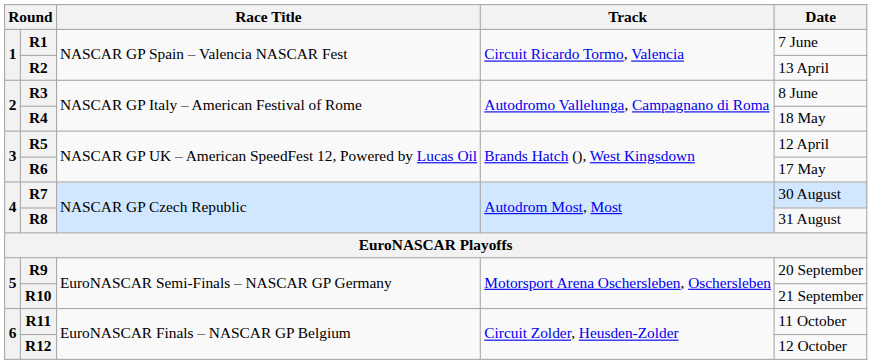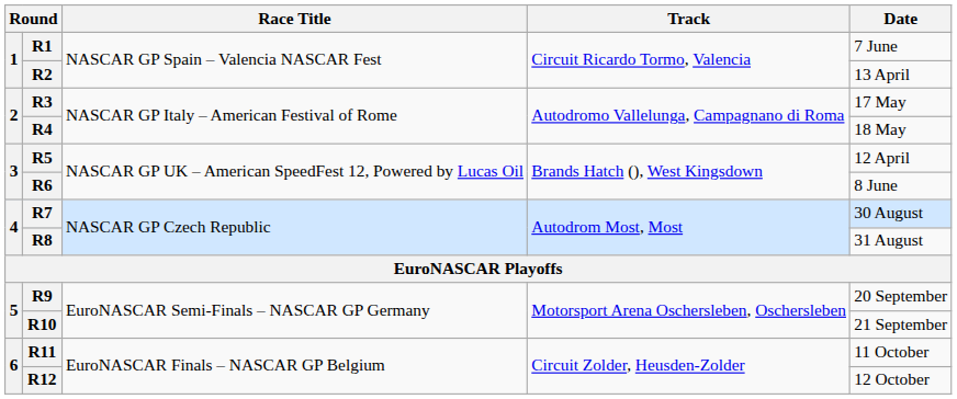 <table class="wikitable" style="font-size:85%;">
 <tr>
 <th colspan=2>Round</th>
 <th>Race Title</th>
 <th>Track</th>
 <th>Date</th>
 </tr>
 <tr>
 <th rowspan=2>1</th>
 <th>R1</th>
 <td rowspan=2 nowrap>NASCAR GP Spain – Valencia NASCAR Fest</td>
 <td rowspan=2 nowrap> <a href='#'>Circuit Ricardo Tormo</a>, <a href='#'>Valencia</a></td>
 <td>7 June</td>
 </tr>
 <tr>
 <th>R2</th>
 <td>13 April</td>
 </tr>
 <tr>
 <th rowspan=2>2</th>
 <th>R3</th>
 <td rowspan=2 nowrap>NASCAR GP Italy – American Festival of Rome</td>
 <td rowspan=2 nowrap> <a href='#'>Autodromo Vallelunga</a>, <a href='#'>Campagnano di Roma</a></td>
-<td>8 June</td>
+<td>17 May</td>
 </tr>
 <tr>
 <th>R4</th>
 <td>18 May</td>
 </tr>
 <tr>
 <th rowspan=2>3</th>
 <th>R5</th>
 <td rowspan=2 nowrap>NASCAR GP UK – American SpeedFest 12, Powered by <a href='#'>Lucas Oil</a></td>
 <td rowspan=2 nowrap> <a href='#'>Brands Hatch</a> (), <a href='#'>West Kingsdown</a></td>
 <td>12 April</td>
 </tr>
 <tr>
 <th>R6</th>
-<td>17 May</td>
+<td>8 June</td>
 </tr>
 <tr style="background:#D0E7FF;">
 <th rowspan=2>4</th>
 <th>R7</th>
 <td rowspan=2 nowrap>NASCAR GP Czech Republic</td>
 <td rowspan=2 nowrap> <a href='#'>Autodrom Most</a>, <a href='#'>Most</a></td>
 <td>30 August</td>
 </tr>
 <tr>
 <th>R8</th>
 <td>31 August</td>
 </tr>
 <tr>
 <th colspan="5">EuroNASCAR Playoffs</th>
 </tr>
 <tr>
 <th rowspan=2>5</th>
 <th>R9</th>
 <td rowspan=2 nowrap>EuroNASCAR Semi-Finals – NASCAR GP Germany</td>
 <td rowspan=2 nowrap> <a href='#'>Motorsport Arena Oschersleben</a>, <a href='#'>Oschersleben</a></td>
 <td nowrap>20 September</td>
 </tr>
 <tr>
 <th>R10</th>
 <td nowrap>21 September</td>
 </tr>
 <tr>
 <th rowspan=2>6</th>
 <th>R11</th>
 <td rowspan=2 nowrap>EuroNASCAR Finals – NASCAR GP Belgium</td>
 <td rowspan=2 nowrap> <a href='#'>Circuit Zolder</a>, <a href='#'>Heusden-Zolder</a></td>
 <td>11 October</td>
 </tr>
 <tr>
 <th>R12</th>
 <td>12 October</td>
 </tr>
 </table>
